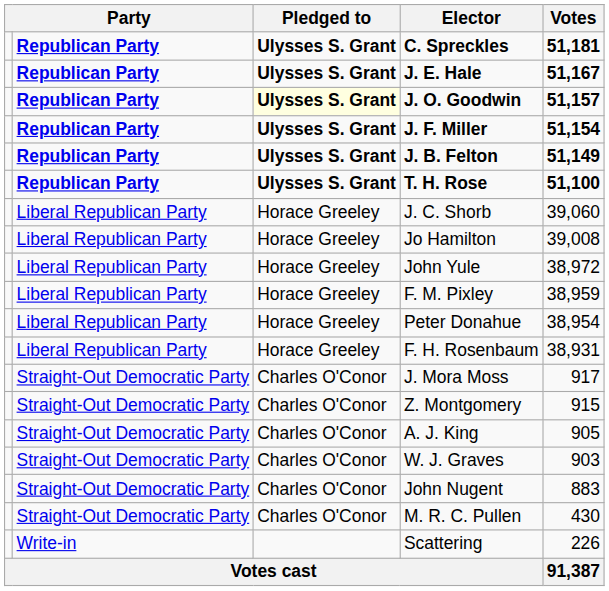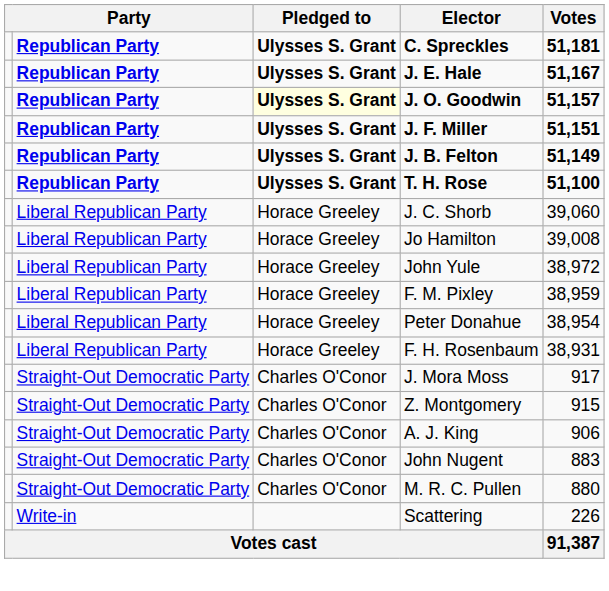 <table class="wikitable">
 <tr>
 <th colspan=2>Party</th>
 <th>Pledged to</th>
 <th>Elector</th>
 <th>Votes</th>
 </tr>
 <tr style="font-weight:bold">
 <td></td>
 <td><a href='#'>Republican Party</a></td>
 <td>Ulysses S. Grant</td>
 <td>C. Spreckles</td>
 <td align="right">51,181</td>
 </tr>
 <tr style="font-weight:bold">
 <td></td>
 <td><a href='#'>Republican Party</a></td>
 <td>Ulysses S. Grant</td>
 <td>J. E. Hale</td>
 <td align="right">51,167</td>
 </tr>
 <tr style="font-weight:bold">
 <td></td>
 <td><a href='#'>Republican Party</a></td>
 <td style="background: lightyellow;">Ulysses S. Grant</td>
 <td>J. O. Goodwin</td>
 <td align="right">51,157</td>
 </tr>
 <tr style="font-weight:bold">
 <td></td>
 <td><a href='#'>Republican Party</a></td>
 <td>Ulysses S. Grant</td>
 <td>J. F. Miller</td>
-<td align="right">51,154</td>
+<td align="right">51,151</td>
 </tr>
 <tr style="font-weight:bold">
 <td></td>
 <td><a href='#'>Republican Party</a></td>
 <td>Ulysses S. Grant</td>
 <td>J. B. Felton</td>
 <td align="right">51,149</td>
 </tr>
 <tr style="font-weight:bold">
 <td></td>
 <td><a href='#'>Republican Party</a></td>
 <td>Ulysses S. Grant</td>
 <td>T. H. Rose</td>
 <td align="right">51,100</td>
 </tr>
 <tr>
 <td></td>
 <td><a href='#'>Liberal Republican Party</a></td>
 <td>Horace Greeley</td>
 <td>J. C. Shorb</td>
 <td align="right">39,060</td>
 </tr>
 <tr>
 <td></td>
 <td><a href='#'>Liberal Republican Party</a></td>
 <td>Horace Greeley</td>
 <td>Jo Hamilton</td>
 <td align="right">39,008</td>
 </tr>
 <tr>
 <td></td>
 <td><a href='#'>Liberal Republican Party</a></td>
 <td>Horace Greeley</td>
 <td>John Yule</td>
 <td align="right">38,972</td>
 </tr>
 <tr>
 <td></td>
 <td><a href='#'>Liberal Republican Party</a></td>
 <td>Horace Greeley</td>
 <td>F. M. Pixley</td>
 <td align="right">38,959</td>
 </tr>
 <tr>
 <td></td>
 <td><a href='#'>Liberal Republican Party</a></td>
 <td>Horace Greeley</td>
 <td>Peter Donahue</td>
 <td align="right">38,954</td>
 </tr>
 <tr>
 <td></td>
 <td><a href='#'>Liberal Republican Party</a></td>
 <td>Horace Greeley</td>
 <td>F. H. Rosenbaum</td>
 <td align="right">38,931</td>
 </tr>
 <tr>
 <td></td>
 <td><a href='#'>Straight-Out Democratic Party</a></td>
 <td>Charles O'Conor</td>
 <td>J. Mora Moss</td>
 <td align="right">917</td>
 </tr>
 <tr>
 <td></td>
 <td><a href='#'>Straight-Out Democratic Party</a></td>
 <td>Charles O'Conor</td>
 <td>Z. Montgomery</td>
 <td align="right">915</td>
 </tr>
 <tr>
 <td></td>
 <td><a href='#'>Straight-Out Democratic Party</a></td>
 <td>Charles O'Conor</td>
 <td>A. J. King</td>
-<td align="right">905</td>
-</tr>
-<tr>
-<td></td>
-<td><a href='#'>Straight-Out Democratic Party</a></td>
-<td>Charles O'Conor</td>
-<td>W. J. Graves</td>
-<td align="right">903</td>
+<td align="right">906</td>
 </tr>
 <tr>
 <td></td>
 <td><a href='#'>Straight-Out Democratic Party</a></td>
 <td>Charles O'Conor</td>
 <td>John Nugent</td>
 <td align="right">883</td>
 </tr>
 <tr>
 <td></td>
 <td><a href='#'>Straight-Out Democratic Party</a></td>
 <td>Charles O'Conor</td>
 <td>M. R. C. Pullen</td>
-<td align="right">430</td>
+<td align="right">880</td>
 </tr>
 <tr>
 <td></td>
 <td><a href='#'>Write-in</a></td>
 <td></td>
 <td>Scattering</td>
 <td align="right">226</td>
 </tr>
 <tr>
 <th colspan="4">Votes cast</th>
 <th>91,387</th>
 </tr>
 </table>
